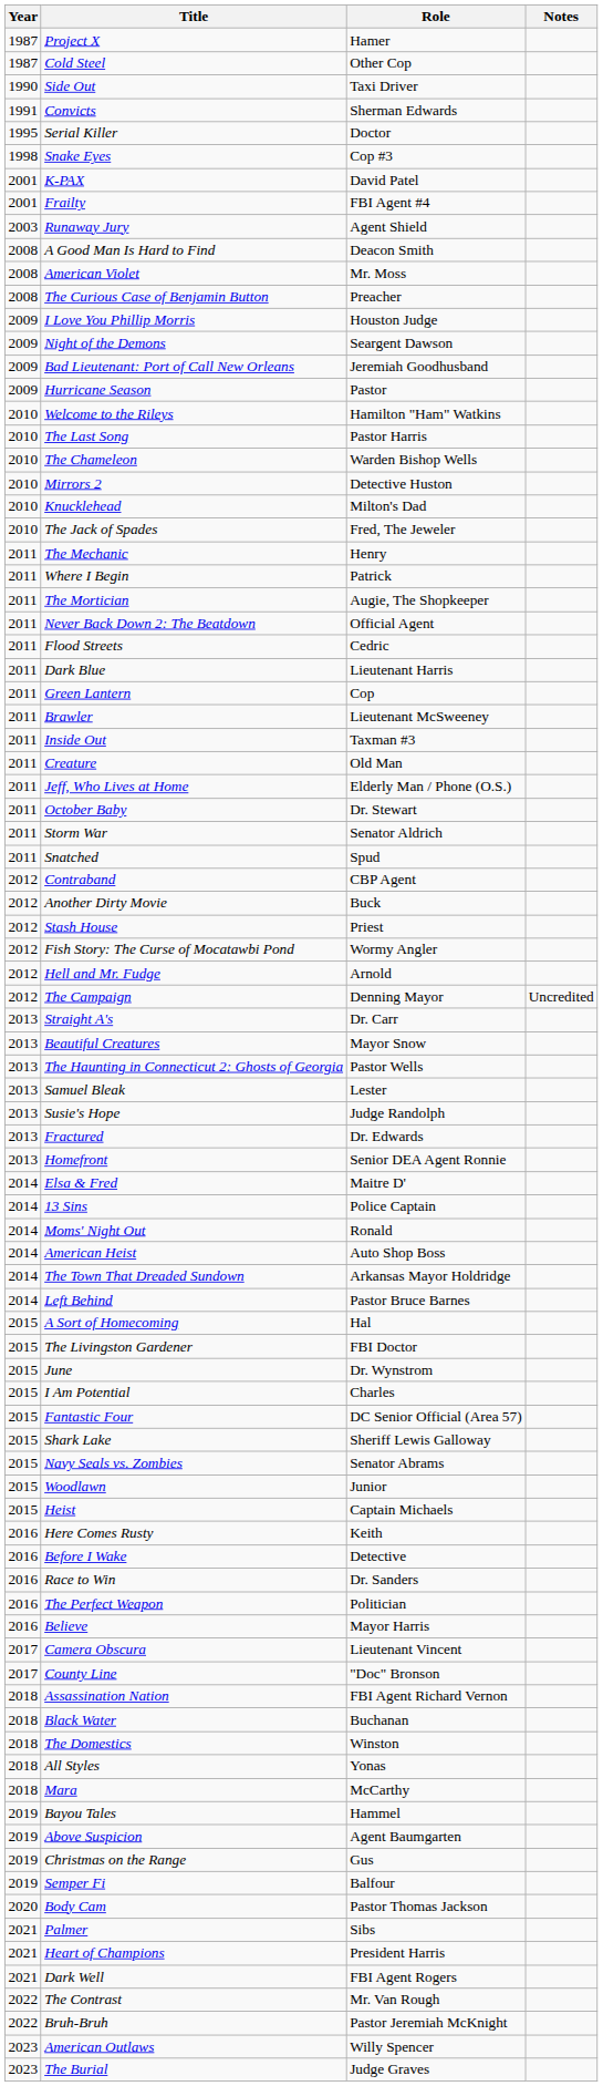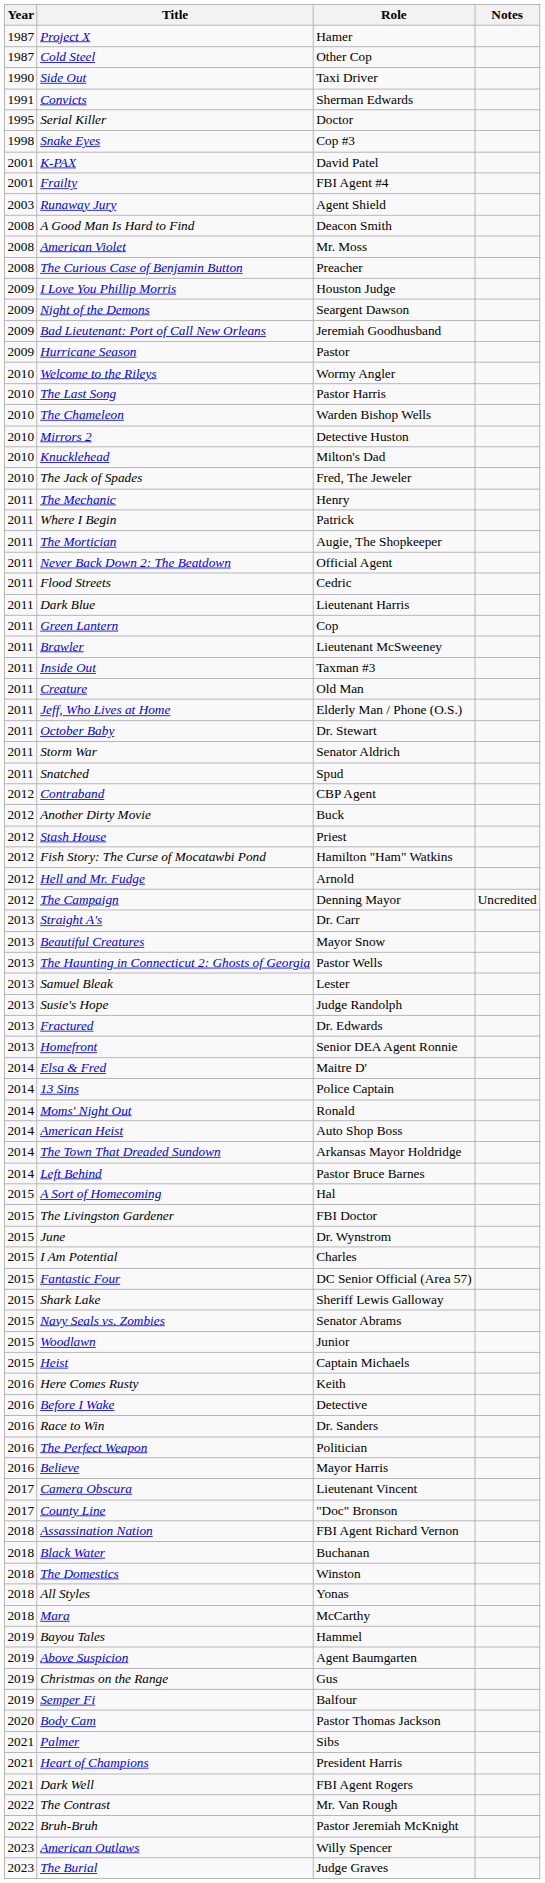 <table class="wikitable sortable">
 <tr>
 <th>Year</th>
 <th>Title</th>
 <th>Role</th>
 <th>Notes</th>
 </tr>
 <tr>
 <td>1987</td>
 <td><a href='#'><em>Project X</em></a></td>
 <td>Hamer</td>
 <td></td>
 </tr>
 <tr>
 <td>1987</td>
 <td><a href='#'><em>Cold Steel</em></a></td>
 <td>Other Cop</td>
 <td></td>
 </tr>
 <tr>
 <td>1990</td>
 <td><em><a href='#'>Side Out</a></em></td>
 <td>Taxi Driver</td>
 <td></td>
 </tr>
 <tr>
 <td>1991</td>
 <td><a href='#'><em>Convicts</em></a></td>
 <td>Sherman Edwards</td>
 <td></td>
 </tr>
 <tr>
 <td>1995</td>
 <td><em>Serial Killer</em></td>
 <td>Doctor</td>
 <td></td>
 </tr>
 <tr>
 <td>1998</td>
 <td><a href='#'><em>Snake Eyes</em></a></td>
 <td>Cop #3</td>
 <td></td>
 </tr>
 <tr>
 <td>2001</td>
 <td><a href='#'><em>K-PAX</em></a></td>
 <td>David Patel</td>
 <td></td>
 </tr>
 <tr>
 <td>2001</td>
 <td><a href='#'><em>Frailty</em></a></td>
 <td>FBI Agent #4</td>
 <td></td>
 </tr>
 <tr>
 <td>2003</td>
 <td><em><a href='#'>Runaway Jury</a></em></td>
 <td>Agent Shield</td>
 <td></td>
 </tr>
 <tr>
 <td>2008</td>
 <td><em>A Good Man Is Hard to Find</em></td>
 <td>Deacon Smith</td>
 <td></td>
 </tr>
 <tr>
 <td>2008</td>
 <td><em><a href='#'>American Violet</a></em></td>
 <td>Mr. Moss</td>
 <td></td>
 </tr>
 <tr>
 <td>2008</td>
 <td><a href='#'><em>The Curious Case of Benjamin Button</em></a></td>
 <td>Preacher</td>
 <td></td>
 </tr>
 <tr>
 <td>2009</td>
 <td><em><a href='#'>I Love You Phillip Morris</a></em></td>
 <td>Houston Judge</td>
 <td></td>
 </tr>
 <tr>
 <td>2009</td>
 <td><a href='#'><em>Night of the Demons</em></a></td>
 <td>Seargent Dawson</td>
 <td></td>
 </tr>
 <tr>
 <td>2009</td>
 <td><em><a href='#'>Bad Lieutenant: Port of Call New Orleans</a></em></td>
 <td>Jeremiah Goodhusband</td>
 <td></td>
 </tr>
 <tr>
 <td>2009</td>
 <td><a href='#'><em>Hurricane Season</em></a></td>
 <td>Pastor</td>
 <td></td>
 </tr>
 <tr>
 <td>2010</td>
 <td><em><a href='#'>Welcome to the Rileys</a></em></td>
-<td>Hamilton "Ham" Watkins</td>
+<td>Wormy Angler</td>
 <td></td>
 </tr>
 <tr>
 <td>2010</td>
 <td><a href='#'><em>The Last Song</em></a></td>
 <td>Pastor Harris</td>
 <td></td>
 </tr>
 <tr>
 <td>2010</td>
 <td><a href='#'><em>The Chameleon</em></a></td>
 <td>Warden Bishop Wells</td>
 <td></td>
 </tr>
 <tr>
 <td>2010</td>
 <td><em><a href='#'>Mirrors 2</a></em></td>
 <td>Detective Huston</td>
 <td></td>
 </tr>
 <tr>
 <td>2010</td>
 <td><a href='#'><em>Knucklehead</em></a></td>
 <td>Milton's Dad</td>
 <td></td>
 </tr>
 <tr>
 <td>2010</td>
 <td><em>The Jack of Spades</em></td>
 <td>Fred, The Jeweler</td>
 <td></td>
 </tr>
 <tr>
 <td>2011</td>
 <td><a href='#'><em>The Mechanic</em></a></td>
 <td>Henry</td>
 <td></td>
 </tr>
 <tr>
 <td>2011</td>
 <td><em>Where I Begin</em></td>
 <td>Patrick</td>
 <td></td>
 </tr>
 <tr>
 <td>2011</td>
 <td><em><a href='#'>The Mortician</a></em></td>
 <td>Augie, The Shopkeeper</td>
 <td></td>
 </tr>
 <tr>
 <td>2011</td>
 <td><em><a href='#'>Never Back Down 2: The Beatdown</a></em></td>
 <td>Official Agent</td>
 <td></td>
 </tr>
 <tr>
 <td>2011</td>
 <td><em>Flood Streets</em></td>
 <td>Cedric</td>
 <td></td>
 </tr>
 <tr>
 <td>2011</td>
 <td><em>Dark Blue</em></td>
 <td>Lieutenant Harris</td>
 <td></td>
 </tr>
 <tr>
 <td>2011</td>
 <td><a href='#'><em>Green Lantern</em></a></td>
 <td>Cop</td>
 <td></td>
 </tr>
 <tr>
 <td>2011</td>
 <td><a href='#'><em>Brawler</em></a></td>
 <td>Lieutenant McSweeney</td>
 <td></td>
 </tr>
 <tr>
 <td>2011</td>
 <td><a href='#'><em>Inside Out</em></a></td>
 <td>Taxman #3</td>
 <td></td>
 </tr>
 <tr>
 <td>2011</td>
 <td><a href='#'><em>Creature</em></a></td>
 <td>Old Man</td>
 <td></td>
 </tr>
 <tr>
 <td>2011</td>
 <td><em><a href='#'>Jeff, Who Lives at Home</a></em></td>
 <td>Elderly Man / Phone (O.S.)</td>
 <td></td>
 </tr>
 <tr>
 <td>2011</td>
 <td><em><a href='#'>October Baby</a></em></td>
 <td>Dr. Stewart</td>
 <td></td>
 </tr>
 <tr>
 <td>2011</td>
 <td><em>Storm War</em></td>
 <td>Senator Aldrich</td>
 <td></td>
 </tr>
 <tr>
 <td>2011</td>
 <td><em>Snatched</em></td>
 <td>Spud</td>
 <td></td>
 </tr>
 <tr>
 <td>2012</td>
 <td><a href='#'><em>Contraband</em></a></td>
 <td>CBP Agent</td>
 <td></td>
 </tr>
 <tr>
 <td>2012</td>
 <td><em>Another Dirty Movie</em></td>
 <td>Buck</td>
 <td></td>
 </tr>
 <tr>
 <td>2012</td>
 <td><em><a href='#'>Stash House</a></em></td>
 <td>Priest</td>
 <td></td>
 </tr>
 <tr>
 <td>2012</td>
 <td><em>Fish Story: The Curse of Mocatawbi Pond</em></td>
-<td>Wormy Angler</td>
+<td>Hamilton "Ham" Watkins</td>
 <td></td>
 </tr>
 <tr>
 <td>2012</td>
 <td><em><a href='#'>Hell and Mr. Fudge</a></em></td>
 <td>Arnold</td>
 <td></td>
 </tr>
 <tr>
 <td>2012</td>
 <td><a href='#'><em>The Campaign</em></a></td>
 <td>Denning Mayor</td>
 <td>Uncredited</td>
 </tr>
 <tr>
 <td>2013</td>
 <td><em><a href='#'>Straight A's</a></em></td>
 <td>Dr. Carr</td>
 <td></td>
 </tr>
 <tr>
 <td>2013</td>
 <td><a href='#'><em>Beautiful Creatures</em></a></td>
 <td>Mayor Snow</td>
 <td></td>
 </tr>
 <tr>
 <td>2013</td>
 <td><em><a href='#'>The Haunting in Connecticut 2: Ghosts of Georgia</a></em></td>
 <td>Pastor Wells</td>
 <td></td>
 </tr>
 <tr>
 <td>2013</td>
 <td><em>Samuel Bleak</em></td>
 <td>Lester</td>
 <td></td>
 </tr>
 <tr>
 <td>2013</td>
 <td><em>Susie's Hope</em></td>
 <td>Judge Randolph</td>
 <td></td>
 </tr>
 <tr>
 <td>2013</td>
 <td><a href='#'><em>Fractured</em></a></td>
 <td>Dr. Edwards</td>
 <td></td>
 </tr>
 <tr>
 <td>2013</td>
 <td><a href='#'><em>Homefront</em></a></td>
 <td>Senior DEA Agent Ronnie</td>
 <td></td>
 </tr>
 <tr>
 <td>2014</td>
 <td><a href='#'><em>Elsa & Fred</em></a></td>
 <td>Maitre D'</td>
 <td></td>
 </tr>
 <tr>
 <td>2014</td>
 <td><em><a href='#'>13 Sins</a></em></td>
 <td>Police Captain</td>
 <td></td>
 </tr>
 <tr>
 <td>2014</td>
 <td><em><a href='#'>Moms' Night Out</a></em></td>
 <td>Ronald</td>
 <td></td>
 </tr>
 <tr>
 <td>2014</td>
 <td><em><a href='#'>American Heist</a></em></td>
 <td>Auto Shop Boss</td>
 <td></td>
 </tr>
 <tr>
 <td>2014</td>
 <td><a href='#'><em>The Town That Dreaded Sundown</em></a></td>
 <td>Arkansas Mayor Holdridge</td>
 <td></td>
 </tr>
 <tr>
 <td>2014</td>
 <td><a href='#'><em>Left Behind</em></a></td>
 <td>Pastor Bruce Barnes</td>
 <td></td>
 </tr>
 <tr>
 <td>2015</td>
 <td><a href='#'><em>A Sort of Homecoming</em></a></td>
 <td>Hal</td>
 <td></td>
 </tr>
 <tr>
 <td>2015</td>
 <td><em>The Livingston Gardener</em></td>
 <td>FBI Doctor</td>
 <td></td>
 </tr>
 <tr>
 <td>2015</td>
 <td><em>June</em></td>
 <td>Dr. Wynstrom</td>
 <td></td>
 </tr>
 <tr>
 <td>2015</td>
 <td><em>I Am Potential</em></td>
 <td>Charles</td>
 <td></td>
 </tr>
 <tr>
 <td>2015</td>
 <td><a href='#'><em>Fantastic Four</em></a></td>
 <td>DC Senior Official (Area 57)</td>
 <td></td>
 </tr>
 <tr>
 <td>2015</td>
 <td><em>Shark Lake</em></td>
 <td>Sheriff Lewis Galloway</td>
 <td></td>
 </tr>
 <tr>
 <td>2015</td>
 <td><em><a href='#'>Navy Seals vs. Zombies</a></em></td>
 <td>Senator Abrams</td>
 <td></td>
 </tr>
 <tr>
 <td>2015</td>
 <td><a href='#'><em>Woodlawn</em></a></td>
 <td>Junior</td>
 <td></td>
 </tr>
 <tr>
 <td>2015</td>
 <td><a href='#'><em>Heist</em></a></td>
 <td>Captain Michaels</td>
 <td></td>
 </tr>
 <tr>
 <td>2016</td>
 <td><em>Here Comes Rusty</em></td>
 <td>Keith</td>
 <td></td>
 </tr>
 <tr>
 <td>2016</td>
 <td><a href='#'><em>Before I Wake</em></a></td>
 <td>Detective</td>
 <td></td>
 </tr>
 <tr>
 <td>2016</td>
 <td><em>Race to Win</em></td>
 <td>Dr. Sanders</td>
 <td></td>
 </tr>
 <tr>
 <td>2016</td>
 <td><a href='#'><em>The Perfect Weapon</em></a></td>
 <td>Politician</td>
 <td></td>
 </tr>
 <tr>
 <td>2016</td>
 <td><a href='#'><em>Believe</em></a></td>
 <td>Mayor Harris</td>
 <td></td>
 </tr>
 <tr>
 <td>2017</td>
 <td><a href='#'><em>Camera Obscura</em></a></td>
 <td>Lieutenant Vincent</td>
 <td></td>
 </tr>
 <tr>
 <td>2017</td>
 <td><a href='#'><em>County Line</em></a></td>
 <td>"Doc" Bronson</td>
 <td></td>
 </tr>
 <tr>
 <td>2018</td>
 <td><em><a href='#'>Assassination Nation</a></em></td>
 <td>FBI Agent Richard Vernon</td>
 <td></td>
 </tr>
 <tr>
 <td>2018</td>
 <td><a href='#'><em>Black Water</em></a></td>
 <td>Buchanan</td>
 <td></td>
 </tr>
 <tr>
 <td>2018</td>
 <td><em><a href='#'>The Domestics</a></em></td>
 <td>Winston</td>
 <td></td>
 </tr>
 <tr>
 <td>2018</td>
 <td><em>All Styles</em></td>
 <td>Yonas</td>
 <td></td>
 </tr>
 <tr>
 <td>2018</td>
 <td><a href='#'><em>Mara</em></a></td>
 <td>McCarthy</td>
 <td></td>
 </tr>
 <tr>
 <td>2019</td>
 <td><em>Bayou Tales</em></td>
 <td>Hammel</td>
 <td></td>
 </tr>
 <tr>
 <td>2019</td>
 <td><a href='#'><em>Above Suspicion</em></a></td>
 <td>Agent Baumgarten</td>
 <td></td>
 </tr>
 <tr>
 <td>2019</td>
 <td><em>Christmas on the Range</em></td>
 <td>Gus</td>
 <td></td>
 </tr>
 <tr>
 <td>2019</td>
 <td><a href='#'><em>Semper Fi</em></a></td>
 <td>Balfour</td>
 <td></td>
 </tr>
 <tr>
 <td>2020</td>
 <td><a href='#'><em>Body Cam</em></a></td>
 <td>Pastor Thomas Jackson</td>
 <td></td>
 </tr>
 <tr>
 <td>2021</td>
 <td><a href='#'><em>Palmer</em></a></td>
 <td>Sibs</td>
 <td></td>
 </tr>
 <tr>
 <td>2021</td>
 <td><em><a href='#'>Heart of Champions</a></em></td>
 <td>President Harris</td>
 <td></td>
 </tr>
 <tr>
 <td>2021</td>
 <td><em>Dark Well</em></td>
 <td>FBI Agent Rogers</td>
 <td></td>
 </tr>
 <tr>
 <td>2022</td>
 <td><em>The Contrast</em></td>
 <td>Mr. Van Rough</td>
 <td></td>
 </tr>
 <tr>
 <td>2022</td>
 <td><em>Bruh-Bruh</em></td>
 <td>Pastor Jeremiah McKnight</td>
 <td></td>
 </tr>
 <tr>
 <td>2023</td>
 <td><em><a href='#'>American Outlaws</a></em></td>
 <td>Willy Spencer</td>
 <td></td>
 </tr>
 <tr>
 <td>2023</td>
 <td><a href='#'><em>The Burial</em></a></td>
 <td>Judge Graves</td>
 <td></td>
 </tr>
 </table>
